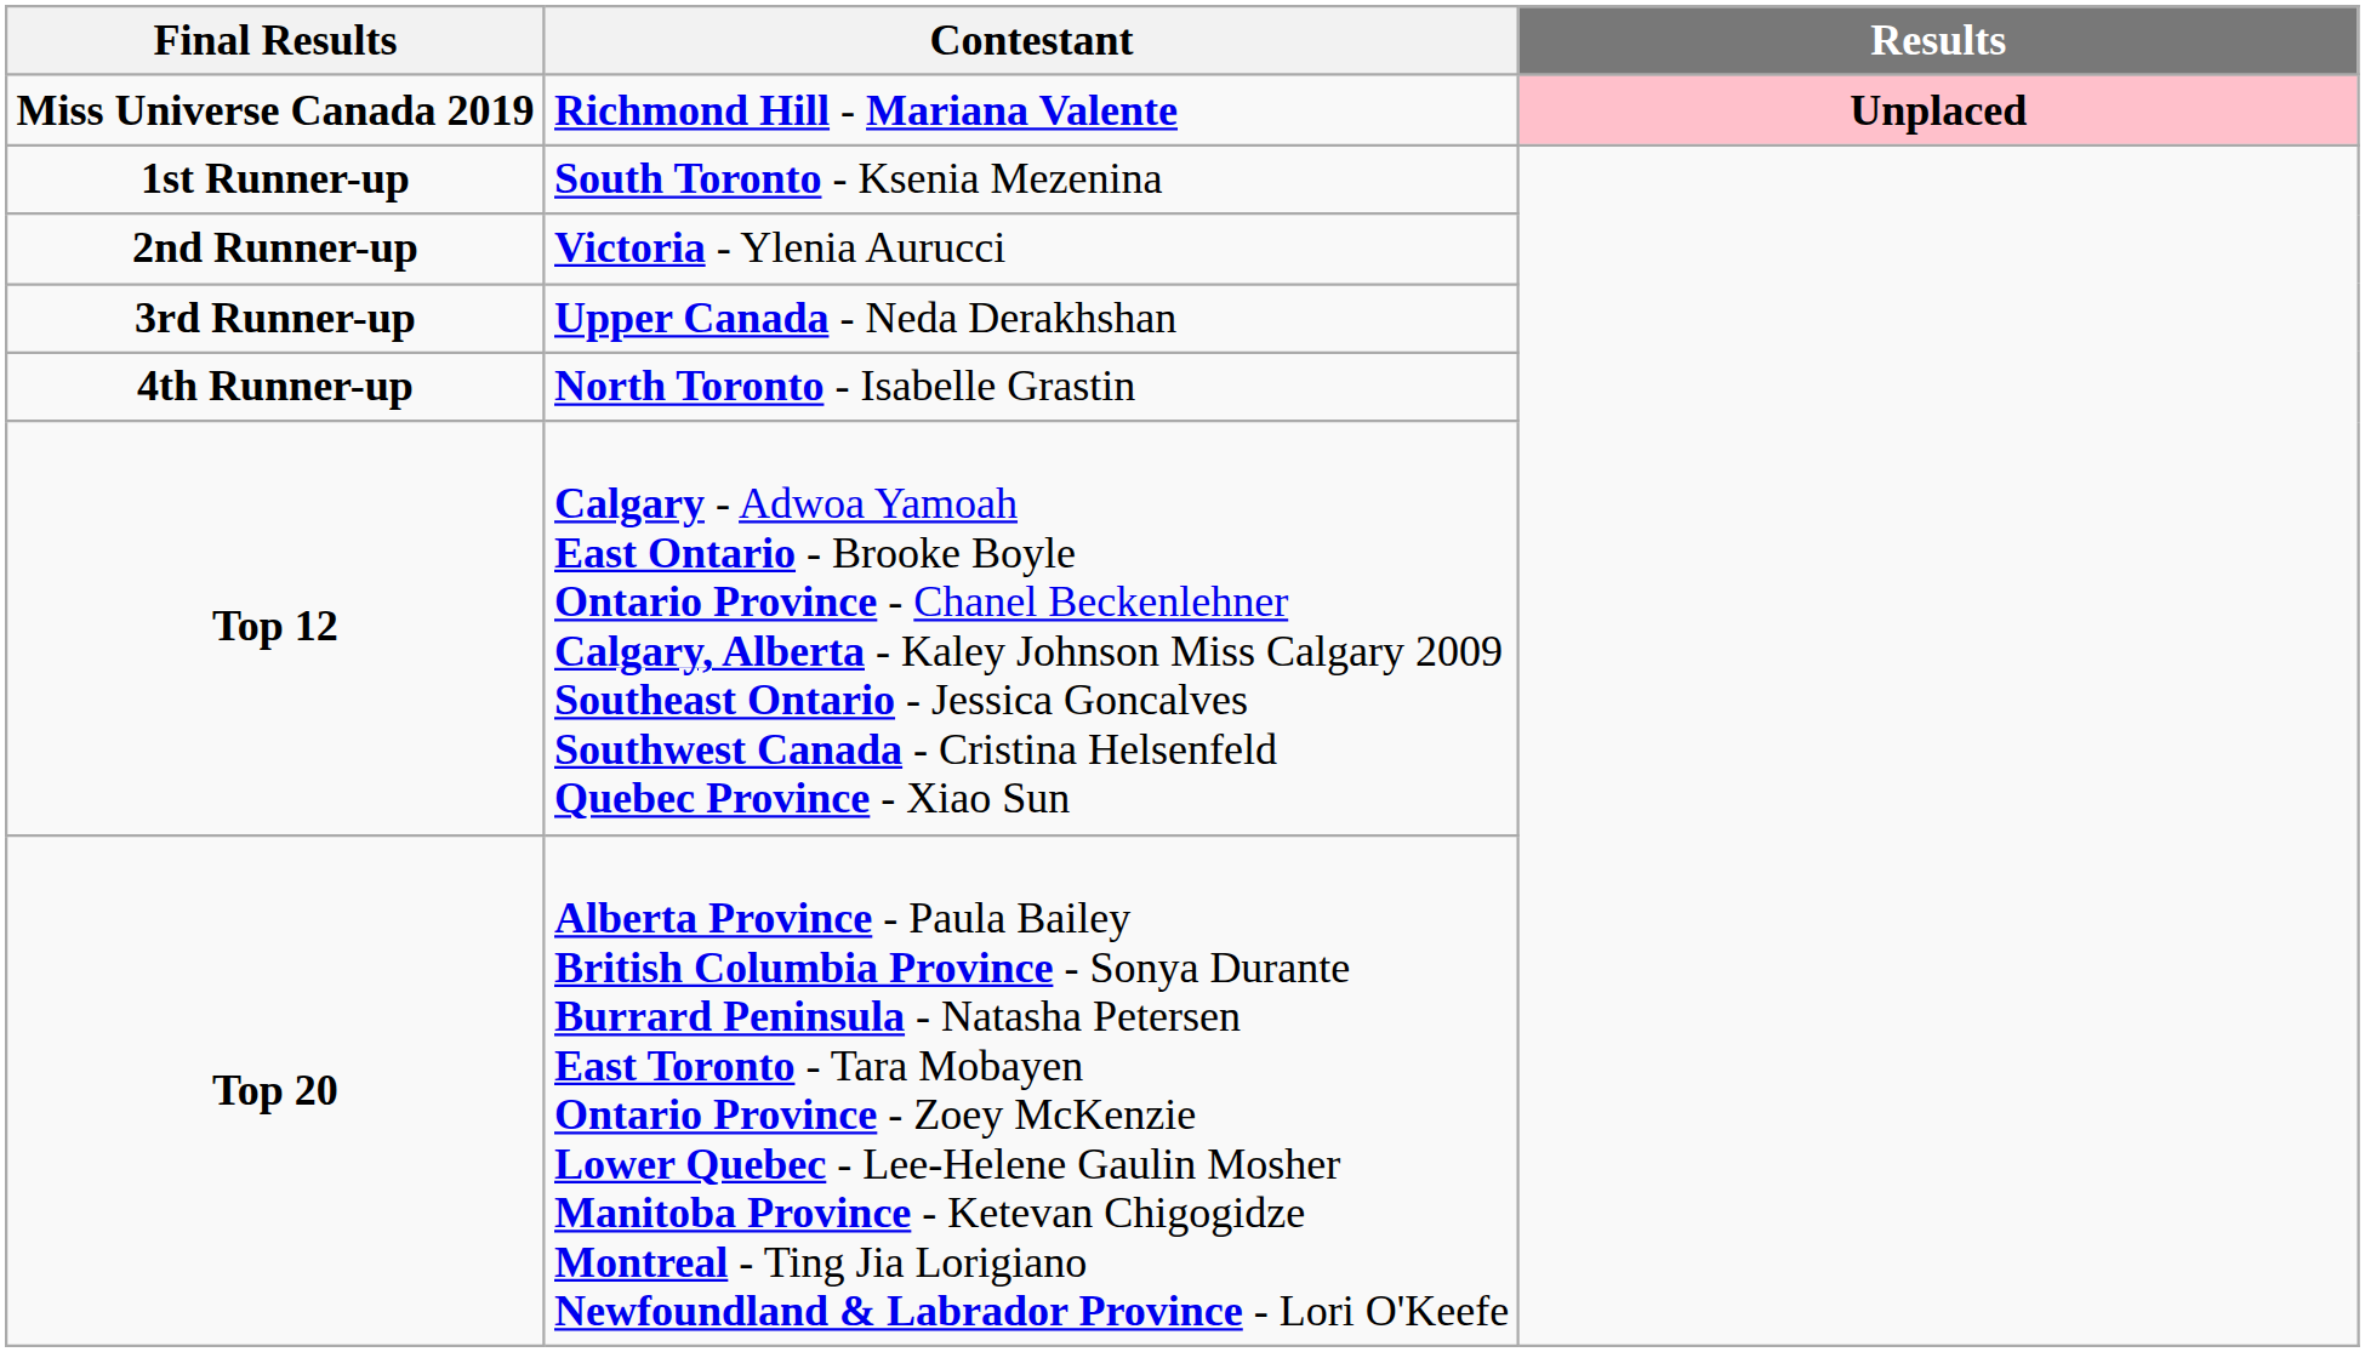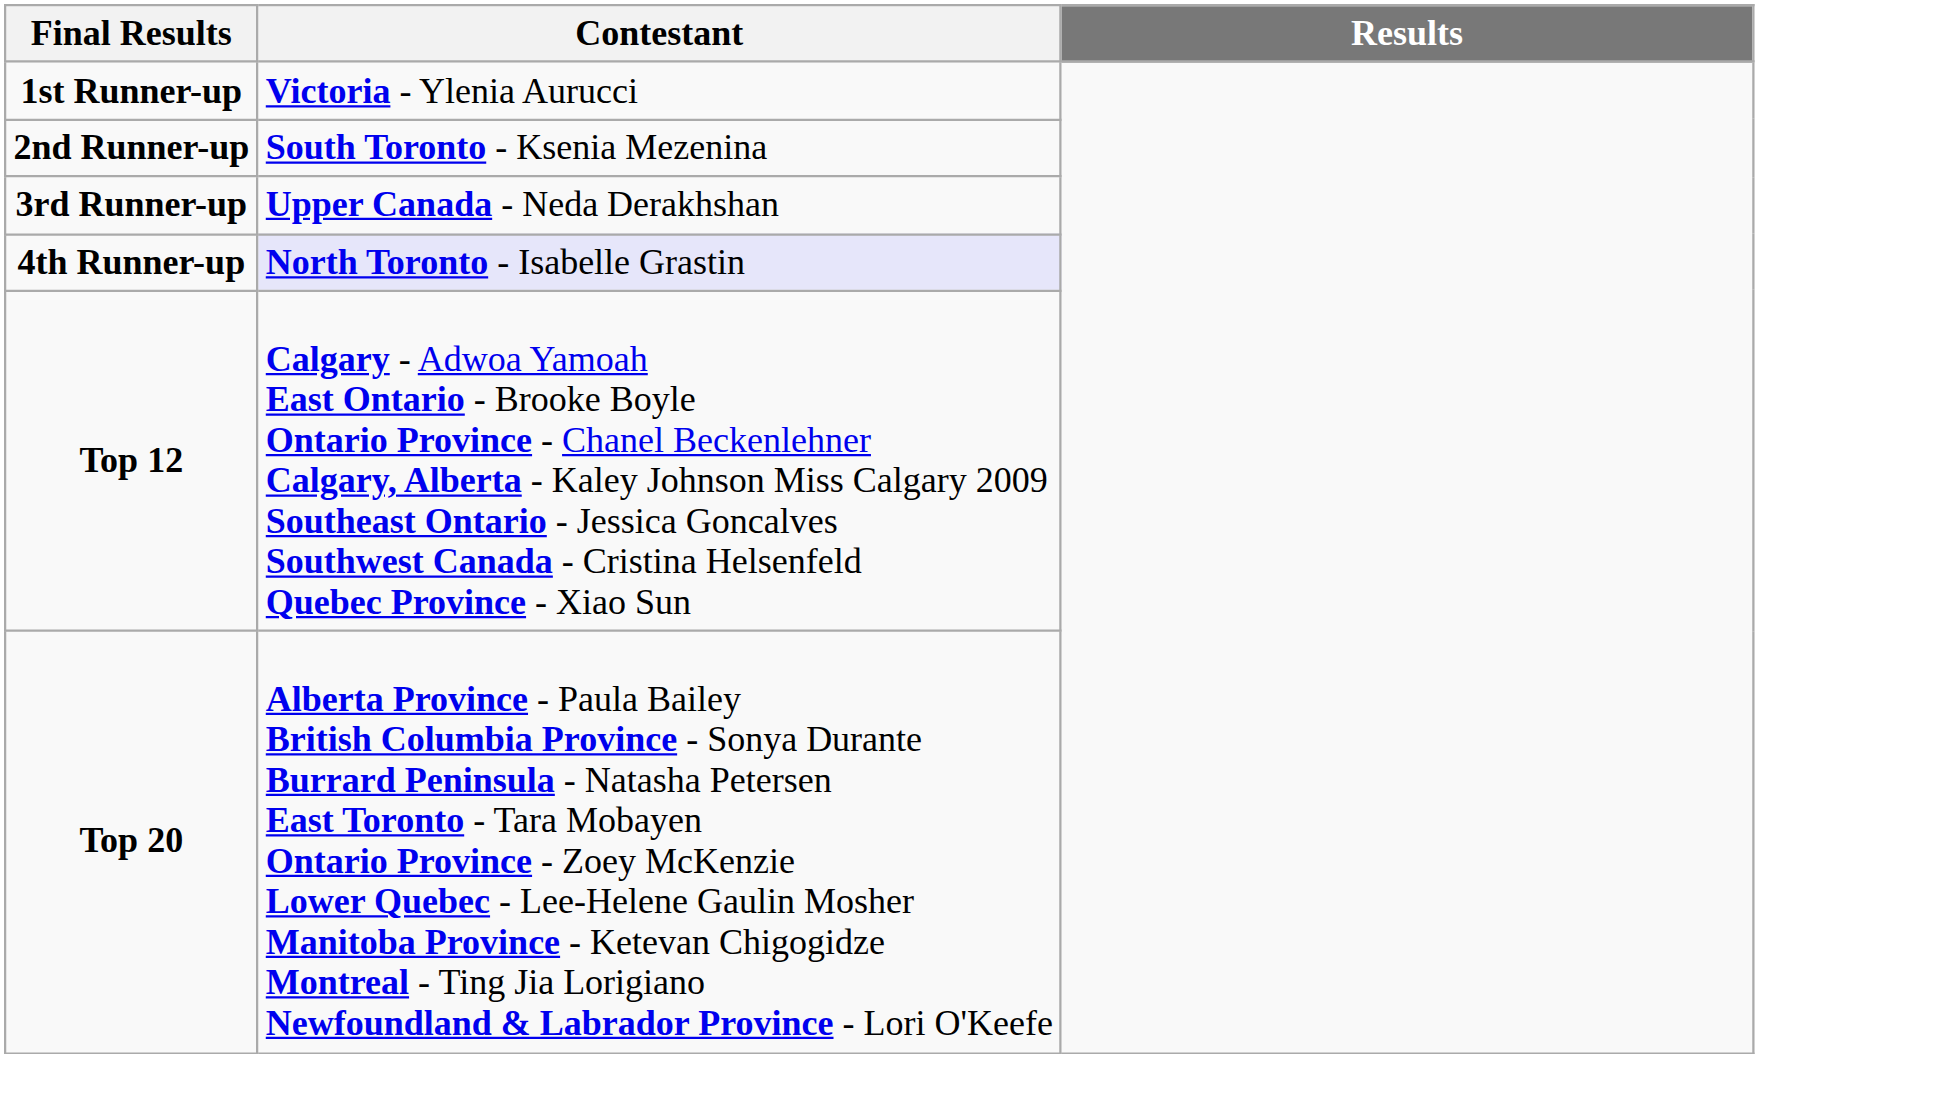 <table class="wikitable" border="1">
 <tr>
 <th>Final Results</th>
 <th>Contestant</th>
 <th width="300" style="background-color:#787878;color:#FFFFFF;">Results</th>
 </tr>
 <tr>
-<td style="text-align:center;"><strong>Miss Universe Canada 2019</strong></td>
-<td> <strong><a href='#'>Richmond Hill</a></strong> - <strong><a href='#'>Mariana Valente</a></strong></td>
-<th style="background:pink;">Unplaced</th>
-</tr>
-<tr>
 <td style="text-align:center;"><strong>1st Runner-up</strong></td>
-<td> <strong><a href='#'>South Toronto</a></strong> - Ksenia Mezenina</td>
+<td> <strong><a href='#'>Victoria</a></strong> - Ylenia Aurucci</td>
 </tr>
 <tr>
 <td style="text-align:center;"><strong>2nd Runner-up</strong></td>
-<td> <strong><a href='#'>Victoria</a></strong> - Ylenia Aurucci</td>
+<td> <strong><a href='#'>South Toronto</a></strong> - Ksenia Mezenina</td>
 </tr>
 <tr>
 <td style="text-align:center;"><strong>3rd Runner-up</strong></td>
 <td> <strong><a href='#'>Upper Canada</a></strong> - Neda Derakhshan</td>
 </tr>
 <tr>
 <td style="text-align:center;"><strong>4th Runner-up</strong></td>
-<td> <strong><a href='#'>North Toronto</a></strong> - Isabelle Grastin</td>
+<td style="background: lavender;"> <strong><a href='#'>North Toronto</a></strong> - Isabelle Grastin</td>
 </tr>
 <tr>
 <td style="text-align:center;"><strong>Top 12</strong></td>
 <td><br> <strong><a href='#'>Calgary</a></strong> - <a href='#'>Adwoa Yamoah</a><br>  <strong><a href='#'>East Ontario</a></strong> - Brooke Boyle<br>  <strong><a href='#'>Ontario Province</a></strong> - <a href='#'>Chanel Beckenlehner</a><br>  <strong><a href='#'>Calgary, Alberta</a></strong> - Kaley Johnson Miss Calgary 2009<br>  <strong><a href='#'>Southeast Ontario</a></strong> - Jessica Goncalves<br>  <strong><a href='#'>Southwest Canada</a></strong> - Cristina Helsenfeld<br>  <strong><a href='#'>Quebec Province</a></strong> - Xiao Sun<br></td>
 </tr>
 <tr>
 <td style="text-align:center;"><strong>Top 20</strong></td>
 <td><br> <strong><a href='#'>Alberta Province</a></strong> - Paula Bailey<br>  <strong><a href='#'>British Columbia Province</a></strong> - Sonya Durante<br>  <strong><a href='#'>Burrard Peninsula</a></strong> - Natasha Petersen<br>  <strong><a href='#'>East Toronto</a></strong> - Tara Mobayen<br>  <strong><a href='#'>Ontario Province</a></strong> - Zoey McKenzie<br>  <strong><a href='#'>Lower Quebec</a></strong> - Lee-Helene Gaulin Mosher<br>  <strong><a href='#'>Manitoba Province</a></strong> - Ketevan Chigogidze<br>  <strong><a href='#'>Montreal</a></strong> - Ting Jia Lorigiano<br>  <strong><a href='#'>Newfoundland & Labrador Province</a></strong> - Lori O'Keefe<br></td>
 </tr>
 </table>
